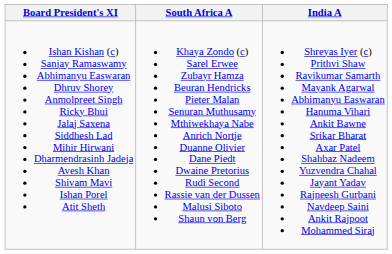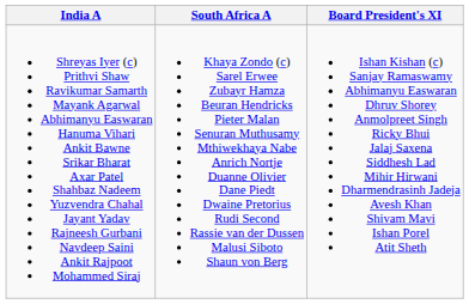 <table class="wikitable" style="text-align:center; margin:auto">
 <tr>
+<th> <a href='#'>India A</a></th>
+<th> <a href='#'>South Africa A</a></th>
 <th> <a href='#'>Board President's XI</a></th>
-<th> <a href='#'>South Africa A</a></th>
-<th> <a href='#'>India A</a></th>
 </tr>
 <tr style="vertical-align:top">
+<td><br><ul><li><a href='#'>Shreyas Iyer</a> (<a href='#'>c</a>)</li><li><a href='#'>Prithvi Shaw</a></li><li><a href='#'>Ravikumar Samarth</a></li><li><a href='#'>Mayank Agarwal</a></li><li><a href='#'>Abhimanyu Easwaran</a></li><li><a href='#'>Hanuma Vihari</a></li><li><a href='#'>Ankit Bawne</a></li><li><a href='#'>Srikar Bharat</a></li><li><a href='#'>Axar Patel</a></li><li><a href='#'>Shahbaz Nadeem</a></li><li><a href='#'>Yuzvendra Chahal</a></li><li><a href='#'>Jayant Yadav</a></li><li><a href='#'>Rajneesh Gurbani</a></li><li><a href='#'>Navdeep Saini</a></li><li><a href='#'>Ankit Rajpoot</a></li><li><a href='#'>Mohammed Siraj</a></li></ul></td>
+<td><br><ul><li><a href='#'>Khaya Zondo</a> (<a href='#'>c</a>)</li><li><a href='#'>Sarel Erwee</a></li><li><a href='#'>Zubayr Hamza</a></li><li><a href='#'>Beuran Hendricks</a></li><li><a href='#'>Pieter Malan</a></li><li><a href='#'>Senuran Muthusamy</a></li><li><a href='#'>Mthiwekhaya Nabe</a></li><li><a href='#'>Anrich Nortje</a></li><li><a href='#'>Duanne Olivier</a></li><li><a href='#'>Dane Piedt</a></li><li><a href='#'>Dwaine Pretorius</a></li><li><a href='#'>Rudi Second</a></li><li><a href='#'>Rassie van der Dussen</a></li><li><a href='#'>Malusi Siboto</a></li><li><a href='#'>Shaun von Berg</a></li></ul></td>
 <td><br><ul><li><a href='#'>Ishan Kishan</a> (<a href='#'>c</a>)</li><li><a href='#'>Sanjay Ramaswamy</a></li><li><a href='#'>Abhimanyu Easwaran</a></li><li><a href='#'>Dhruv Shorey</a></li><li><a href='#'>Anmolpreet Singh</a></li><li><a href='#'>Ricky Bhui</a></li><li><a href='#'>Jalaj Saxena</a></li><li><a href='#'>Siddhesh Lad</a></li><li><a href='#'>Mihir Hirwani</a></li><li><a href='#'>Dharmendrasinh Jadeja</a></li><li><a href='#'>Avesh Khan</a></li><li><a href='#'>Shivam Mavi</a></li><li><a href='#'>Ishan Porel</a></li><li><a href='#'>Atit Sheth</a></li></ul></td>
-<td><br><ul><li><a href='#'>Khaya Zondo</a> (<a href='#'>c</a>)</li><li><a href='#'>Sarel Erwee</a></li><li><a href='#'>Zubayr Hamza</a></li><li><a href='#'>Beuran Hendricks</a></li><li><a href='#'>Pieter Malan</a></li><li><a href='#'>Senuran Muthusamy</a></li><li><a href='#'>Mthiwekhaya Nabe</a></li><li><a href='#'>Anrich Nortje</a></li><li><a href='#'>Duanne Olivier</a></li><li><a href='#'>Dane Piedt</a></li><li><a href='#'>Dwaine Pretorius</a></li><li><a href='#'>Rudi Second</a></li><li><a href='#'>Rassie van der Dussen</a></li><li><a href='#'>Malusi Siboto</a></li><li><a href='#'>Shaun von Berg</a></li></ul></td>
-<td><br><ul><li><a href='#'>Shreyas Iyer</a> (<a href='#'>c</a>)</li><li><a href='#'>Prithvi Shaw</a></li><li><a href='#'>Ravikumar Samarth</a></li><li><a href='#'>Mayank Agarwal</a></li><li><a href='#'>Abhimanyu Easwaran</a></li><li><a href='#'>Hanuma Vihari</a></li><li><a href='#'>Ankit Bawne</a></li><li><a href='#'>Srikar Bharat</a></li><li><a href='#'>Axar Patel</a></li><li><a href='#'>Shahbaz Nadeem</a></li><li><a href='#'>Yuzvendra Chahal</a></li><li><a href='#'>Jayant Yadav</a></li><li><a href='#'>Rajneesh Gurbani</a></li><li><a href='#'>Navdeep Saini</a></li><li><a href='#'>Ankit Rajpoot</a></li><li><a href='#'>Mohammed Siraj</a></li></ul></td>
 </tr>
 </table>
